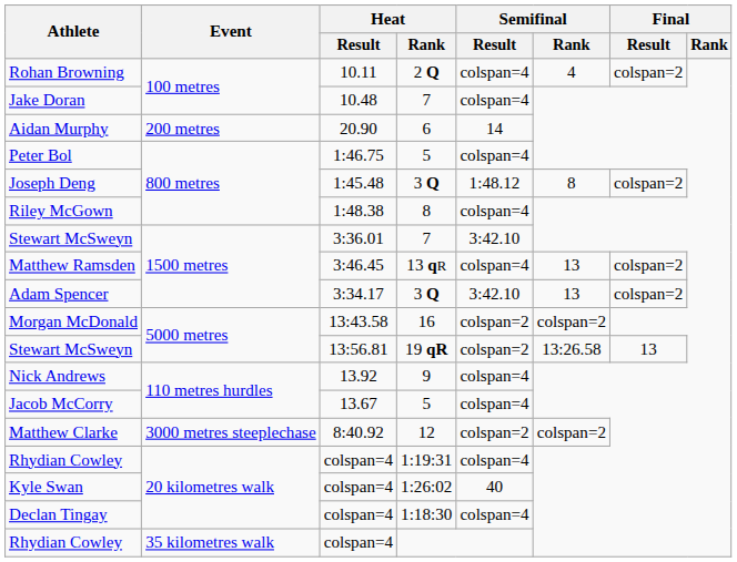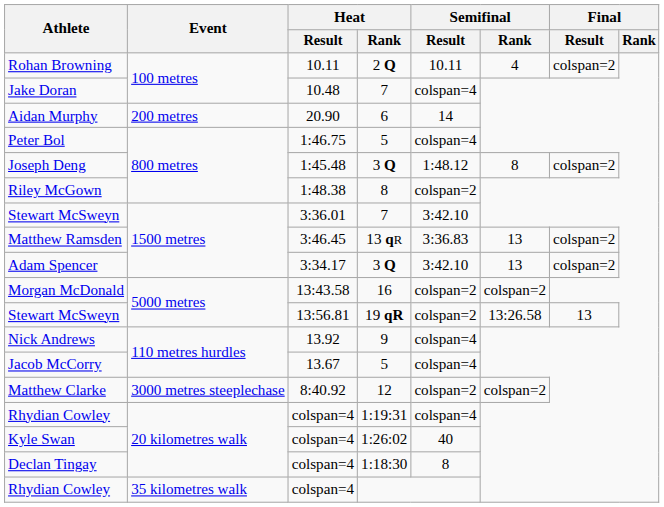 <table class="wikitable" style="font-size:90%">
 <tr>
 <th rowspan="2">Athlete</th>
 <th rowspan="2">Event</th>
 <th colspan="2">Heat</th>
 <th colspan="2">Semifinal</th>
 <th colspan="2">Final</th>
 </tr>
 <tr style="font-size:95%">
 <th>Result</th>
 <th>Rank</th>
 <th>Result</th>
 <th>Rank</th>
 <th>Result</th>
 <th>Rank</th>
 </tr>
 <tr align=center>
 <td align=left><a href='#'>Rohan Browning</a></td>
 <td align=left rowspan=2><a href='#'>100 metres</a></td>
 <td>10.11</td>
 <td>2 <strong>Q</strong></td>
-<td>colspan=4 </td>
+<td>10.11</td>
 <td>4</td>
 <td>colspan=2 </td>
 </tr>
 <tr align=center>
 <td align=left><a href='#'>Jake Doran</a></td>
 <td>10.48</td>
 <td>7</td>
 <td>colspan=4 </td>
 </tr>
 <tr align=center>
 <td align=left><a href='#'>Aidan Murphy</a></td>
 <td align=left><a href='#'>200 metres</a></td>
 <td>20.90</td>
 <td>6</td>
 <td>14</td>
 </tr>
 <tr align=center>
 <td align=left><a href='#'>Peter Bol</a></td>
 <td align=left rowspan=3><a href='#'>800 metres</a></td>
 <td>1:46.75</td>
 <td>5</td>
 <td>colspan=4 </td>
 </tr>
 <tr align=center>
 <td align=left><a href='#'>Joseph Deng</a></td>
 <td>1:45.48</td>
 <td>3 <strong>Q</strong></td>
 <td>1:48.12</td>
 <td>8</td>
 <td>colspan=2 </td>
 </tr>
 <tr align=center>
 <td align=left><a href='#'>Riley McGown</a></td>
 <td>1:48.38</td>
 <td>8</td>
-<td>colspan=4 </td>
+<td>colspan=2</td>
 </tr>
 <tr align=center>
 <td align=left><a href='#'>Stewart McSweyn</a></td>
 <td align=left rowspan=3><a href='#'>1500 metres</a></td>
 <td>3:36.01</td>
 <td>7</td>
 <td>3:42.10</td>
 </tr>
 <tr align=center>
 <td align=left><a href='#'>Matthew Ramsden</a></td>
 <td>3:46.45</td>
 <td>13 <strong>q</strong><small>R</small></td>
-<td>colspan=4 </td>
+<td>3:36.83</td>
 <td>13</td>
 <td>colspan=2 </td>
 </tr>
 <tr align=center>
 <td align=left><a href='#'>Adam Spencer</a></td>
 <td>3:34.17</td>
 <td>3 <strong>Q</strong></td>
 <td>3:42.10</td>
 <td>13</td>
 <td>colspan=2 </td>
 </tr>
 <tr align=center>
 <td align=left><a href='#'>Morgan McDonald</a></td>
 <td align=left rowspan=2><a href='#'>5000 metres</a></td>
 <td>13:43.58</td>
 <td>16</td>
 <td>colspan=2</td>
 <td>colspan=2</td>
 </tr>
 <tr align=center>
 <td align=left><a href='#'>Stewart McSweyn</a></td>
 <td>13:56.81</td>
 <td>19 <strong>qR</strong></td>
 <td>colspan=2</td>
 <td>13:26.58</td>
 <td>13</td>
 </tr>
 <tr align=center>
 <td align=left><a href='#'>Nick Andrews</a></td>
 <td align=left rowspan=2><a href='#'>110 metres hurdles</a></td>
 <td>13.92</td>
 <td>9</td>
 <td>colspan=4 </td>
 </tr>
 <tr align=center>
 <td align=left><a href='#'>Jacob McCorry</a></td>
 <td>13.67</td>
 <td>5</td>
 <td>colspan=4 </td>
 </tr>
 <tr align=center>
 <td align=left><a href='#'>Matthew Clarke</a></td>
 <td align=left><a href='#'>3000 metres steeplechase</a></td>
 <td>8:40.92</td>
 <td>12</td>
 <td>colspan=2</td>
 <td>colspan=2 </td>
 </tr>
 <tr align=center>
 <td align=left><a href='#'>Rhydian Cowley</a></td>
 <td align=left rowspan=3><a href='#'>20 kilometres walk</a></td>
 <td>colspan=4</td>
 <td>1:19:31</td>
 <td>colspan=4 </td>
 </tr>
 <tr align=center>
 <td align=left><a href='#'>Kyle Swan</a></td>
 <td>colspan=4</td>
 <td>1:26:02</td>
 <td>40</td>
 </tr>
 <tr align=center>
 <td align=left><a href='#'>Declan Tingay</a></td>
 <td>colspan=4</td>
 <td>1:18:30 </td>
-<td>colspan=4 </td>
+<td>8</td>
 </tr>
 <tr align=center>
 <td align=left><a href='#'>Rhydian Cowley</a></td>
 <td align=left><a href='#'>35 kilometres walk</a></td>
 <td>colspan=4</td>
 <td colspan=2></td>
 </tr>
 </table>
